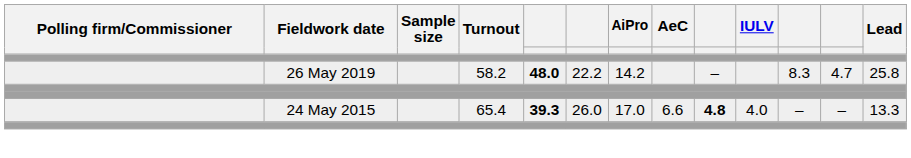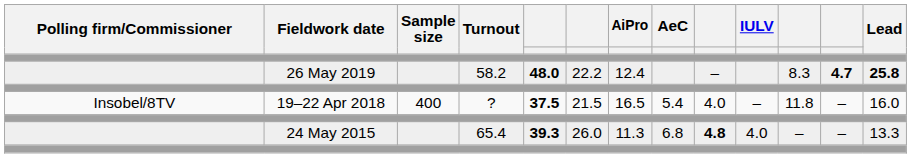 <table class="wikitable collapsible collapsed" style="text-align:center; font-size:95%; line-height:16px;">
 <tr style="height:42px;">
 <th style="width:250px;" rowspan="2">Polling firm/Commissioner</th>
 <th style="width:125px;" rowspan="2">Fieldwork date</th>
 <th style="width:50px;" rowspan="2">Sample size</th>
 <th style="width:45px;" rowspan="2">Turnout</th>
 <th style="width:35px;"></th>
 <th style="width:35px;"></th>
 <th style="width:35px; font-size:90%;">AiPro</th>
 <th style="width:35px;">AeC</th>
 <th style="width:35px; font-size:85%;"></th>
 <th style="width:35px;"><a href='#'>IULV</a></th>
 <th style="width:35px;"></th>
 <th style="width:35px;"></th>
 <th style="width:30px;" rowspan="2">Lead</th>
 </tr>
 <tr>
 <th style="color:inherit;background:"></th>
 <th style="color:inherit;background:"></th>
 <th style="color:inherit;background:"></th>
 <th style="color:inherit;background:"></th>
 <th style="color:inherit;background:"></th>
 <th style="color:inherit;background:"></th>
 <th style="color:inherit;background:"></th>
 <th style="color:inherit;background:"></th>
 </tr>
 <tr>
 <td colspan="13" style="background:#A0A0A0"></td>
 </tr>
 <tr style="background:#EFEFEF;">
 <td><strong></strong></td>
 <td>26 May 2019</td>
 <td></td>
 <td>58.2</td>
 <td><strong>48.0</strong><br></td>
 <td>22.2<br></td>
-<td>14.2<br></td>
+<td>12.4<br></td>
 <td></td>
 <td>–</td>
 <td></td>
 <td>8.3<br></td>
-<td>4.7<br></td>
-<td style="background:">25.8</td>
+<td><strong>4.7<br></strong></td>
+<td style="background:"><strong>25.8</strong></td>
 </tr>
 <tr>
 <td colspan="13" style="background:#A0A0A0"></td>
+</tr>
+<tr>
+<td>Insobel/8TV</td>
+<td>19–22 Apr 2018</td>
+<td>400</td>
+<td>?</td>
+<td><strong>37.5</strong><br></td>
+<td>21.5<br></td>
+<td>16.5<br></td>
+<td>5.4<br></td>
+<td>4.0<br></td>
+<td>–</td>
+<td>11.8<br></td>
+<td>–</td>
+<td style="background:">16.0</td>
 </tr>
 <tr>
 <td colspan="13" style="background:#A0A0A0"></td>
 </tr>
 <tr style="background:#EFEFEF;">
 <td><strong></strong></td>
 <td>24 May 2015</td>
 <td></td>
 <td>65.4</td>
 <td><strong>39.3</strong><br></td>
 <td>26.0<br></td>
-<td>17.0<br></td>
-<td>6.6<br></td>
+<td>11.3<br></td>
+<td>6.8<br></td>
 <td><strong>4.8<br></strong></td>
 <td>4.0<br></td>
 <td>–</td>
 <td>–</td>
 <td style="background:">13.3</td>
 </tr>
 <tr>
 <td colspan="13" style="background:#A0A0A0"></td>
 </tr>
 </table>
